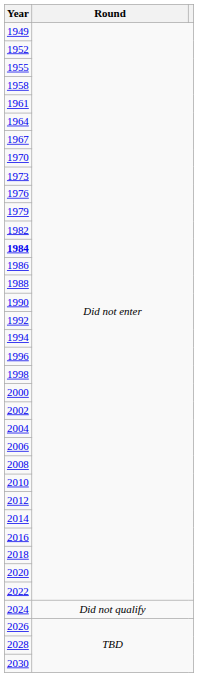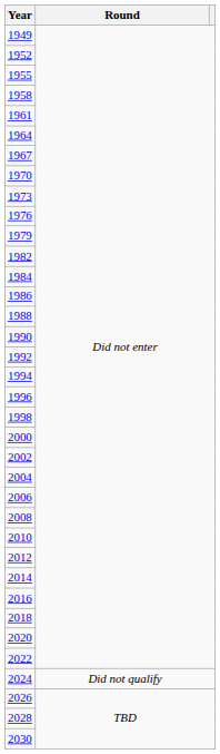 <table class="wikitable" style="text-align: center; font-size:90%">
 <tr>
 <th>Year</th>
 <th style="width:200px">Round</th>
 <th></th>
 </tr>
 <tr>
 <td><a href='#'>1949</a></td>
 <td colspan="2" rowspan="32"><em>Did not enter</em></td>
 </tr>
 <tr>
 <td><a href='#'>1952</a></td>
 </tr>
 <tr>
 <td><a href='#'>1955</a></td>
 </tr>
 <tr>
 <td><a href='#'>1958</a></td>
 </tr>
 <tr>
 <td><a href='#'>1961</a></td>
 </tr>
 <tr>
 <td><a href='#'>1964</a></td>
 </tr>
 <tr>
 <td><a href='#'>1967</a></td>
 </tr>
 <tr>
 <td><a href='#'>1970</a></td>
 </tr>
 <tr>
 <td><a href='#'>1973</a></td>
 </tr>
 <tr>
 <td><a href='#'>1976</a></td>
 </tr>
 <tr>
 <td><a href='#'>1979</a></td>
 </tr>
 <tr>
 <td><a href='#'>1982</a></td>
 </tr>
 <tr>
-<td><strong><a href='#'>1984</a></strong></td>
+<td><a href='#'>1984</a></td>
 </tr>
 <tr>
 <td><a href='#'>1986</a></td>
 </tr>
 <tr>
 <td><a href='#'>1988</a></td>
 </tr>
 <tr>
 <td><a href='#'>1990</a></td>
 </tr>
 <tr>
 <td><a href='#'>1992</a></td>
 </tr>
 <tr>
 <td><a href='#'>1994</a></td>
 </tr>
 <tr>
 <td><a href='#'>1996</a></td>
 </tr>
 <tr>
 <td><a href='#'>1998</a></td>
 </tr>
 <tr>
 <td><a href='#'>2000</a></td>
 </tr>
 <tr>
 <td><a href='#'>2002</a></td>
 </tr>
 <tr>
 <td><a href='#'>2004</a></td>
 </tr>
 <tr>
 <td><a href='#'>2006</a></td>
 </tr>
 <tr>
 <td><a href='#'>2008</a></td>
 </tr>
 <tr>
 <td><a href='#'>2010</a></td>
 </tr>
 <tr>
 <td><a href='#'>2012</a></td>
 </tr>
 <tr>
 <td><a href='#'>2014</a></td>
 </tr>
 <tr>
 <td><a href='#'>2016</a></td>
 </tr>
 <tr>
 <td><a href='#'>2018</a></td>
 </tr>
 <tr>
 <td><a href='#'>2020</a></td>
 </tr>
 <tr>
 <td><a href='#'>2022</a></td>
 </tr>
 <tr>
 <td><a href='#'>2024</a></td>
 <td colspan="2" rowspan="1"><em>Did not qualify</em></td>
 </tr>
 <tr>
 <td><a href='#'>2026</a></td>
 <td colspan="2" rowspan="3"><em>TBD</em></td>
 </tr>
 <tr>
 <td><a href='#'>2028</a></td>
 </tr>
 <tr>
 <td><a href='#'>2030</a></td>
 </tr>
 </table>
